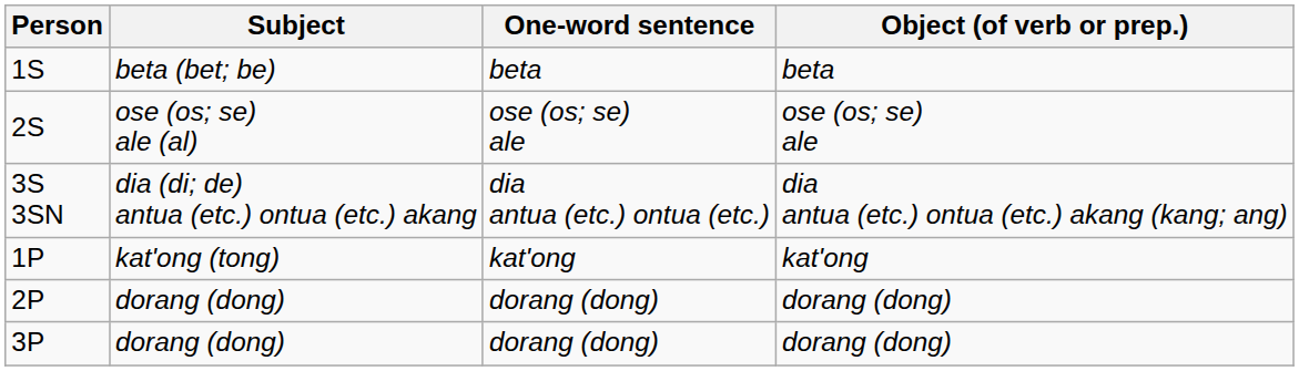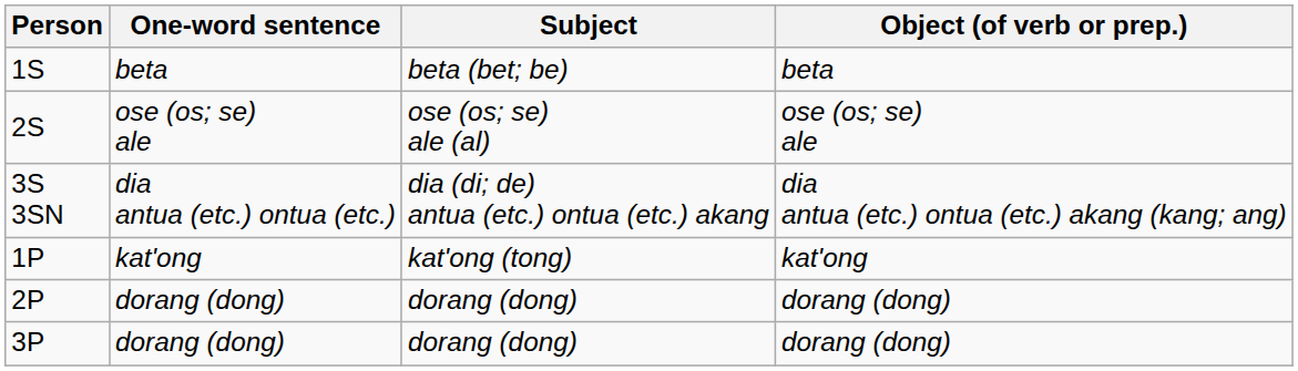 <table class="wikitable">
 <tr>
 <th>Person</th>
+<th>One-word sentence</th>
 <th>Subject</th>
-<th>One-word sentence</th>
 <th>Object (of verb or prep.)</th>
 </tr>
 <tr>
 <td>1S</td>
+<td style="font-style: italic;">beta</td>
 <td style="font-style: italic;">beta (bet; be)</td>
-<td style="font-style: italic;">beta</td>
 <td style="font-style: italic;">beta</td>
 </tr>
 <tr>
 <td>2S</td>
+<td style="font-style: italic;">ose (os; se)<br>ale</td>
 <td style="font-style: italic;">ose (os; se)<br>ale (al)</td>
-<td style="font-style: italic;">ose (os; se)<br>ale</td>
 <td style="font-style: italic;">ose (os; se)<br>ale</td>
 </tr>
 <tr>
 <td>3S<br>3SN</td>
+<td style="font-style: italic;">dia<br>antua (etc.) ontua (etc.)</td>
 <td style="font-style: italic;">dia (di; de)<br>antua (etc.) ontua (etc.) akang</td>
-<td style="font-style: italic;">dia<br>antua (etc.) ontua (etc.)</td>
 <td style="font-style: italic;">dia<br>antua (etc.) ontua (etc.) akang (kang; ang)</td>
 </tr>
 <tr>
 <td>1P</td>
+<td style="font-style: italic;">kat'ong</td>
 <td style="font-style: italic;">kat'ong (tong)</td>
-<td style="font-style: italic;">kat'ong</td>
 <td style="font-style: italic;">kat'ong</td>
 </tr>
 <tr>
 <td>2P</td>
 <td style="font-style: italic;">dorang (dong)</td>
 <td style="font-style: italic;">dorang (dong)</td>
 <td style="font-style: italic;">dorang (dong)</td>
 </tr>
 <tr>
 <td>3P</td>
 <td style="font-style: italic;">dorang (dong)</td>
 <td style="font-style: italic;">dorang (dong)</td>
 <td style="font-style: italic;">dorang (dong)</td>
 </tr>
 </table>
